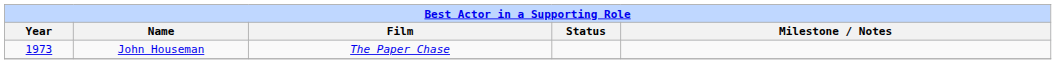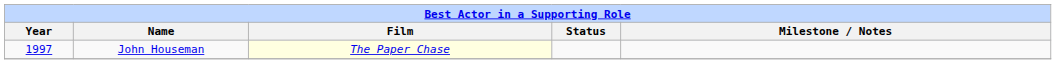 <table class="wikitable" style="text-align: center">
 <tr ---- bgcolor="#bfd7ff">
 <td colspan=6 align=center><strong><a href='#'>Best Actor in a Supporting Role</a></strong></td>
 </tr>
 <tr ---- bgcolor="#ebf5ff">
 <th style="width:075px;">Year</th>
 <th style="width:200px;">Name</th>
 <th style="width:350px;">Film</th>
 <th style="width:075px;">Status</th>
 <th style="width:500px;">Milestone / Notes</th>
 </tr>
 <tr>
-<td><a href='#'>1973</a></td>
+<td><a href='#'>1997</a></td>
 <td><a href='#'>John Houseman</a></td>
-<td><em><a href='#'>The Paper Chase</a></em></td>
+<td style="background: lightyellow;"><em><a href='#'>The Paper Chase</a></em></td>
 <td></td>
 <td></td>
 </tr>
 <tr>
 </tr>
 </table>
